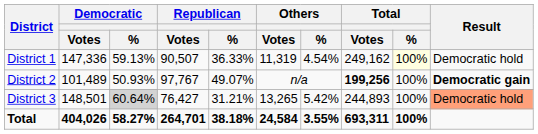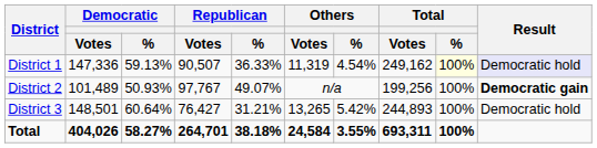 <table class="wikitable plainrowheaders sortable" style="font-size:100%;">
 <tr>
 <th scope=col rowspan=3><a href='#'>District</a></th>
 <th scope=col colspan=2><a href='#'>Democratic</a></th>
 <th scope=col colspan=2><a href='#'>Republican</a></th>
 <th scope=col colspan=2>Others</th>
 <th scope=col colspan=2>Total</th>
 <th scope=col rowspan=3>Result</th>
 </tr>
 <tr>
 <th scope=col colspan=2 style="background:"></th>
 <th scope=col colspan=2 style="background:"></th>
 <th scope=col colspan=2></th>
 <th scope=col colspan=2></th>
 </tr>
 <tr>
 <th scope=col data-sort-type="number">Votes</th>
 <th scope=col data-sort-type="number">%</th>
 <th scope=col data-sort-type="number">Votes</th>
 <th scope=col data-sort-type="number">%</th>
 <th scope=col data-sort-type="number">Votes</th>
 <th scope=col data-sort-type="number">%</th>
 <th scope=col data-sort-type="number">Votes</th>
 <th scope=col data-sort-type="number">%</th>
 </tr>
 <tr>
 <td><a href='#'>District 1</a></td>
 <td>147,336</td>
 <td>59.13%</td>
 <td>90,507</td>
 <td>36.33%</td>
 <td>11,319</td>
 <td>4.54%</td>
 <td>249,162</td>
 <td style="background: lightyellow;">100%</td>
-<td>Democratic hold</td>
+<td style="background: lavender;">Democratic hold</td>
 </tr>
 <tr>
 <td><a href='#'>District 2</a></td>
 <td>101,489</td>
 <td>50.93%</td>
 <td>97,767</td>
 <td>49.07%</td>
 <td align=center colspan=2><em>n/a</em></td>
-<td><strong>199,256</strong></td>
+<td>199,256</td>
 <td>100%</td>
 <td><strong>Democratic gain</strong></td>
 </tr>
 <tr>
 <td><a href='#'>District 3</a></td>
 <td>148,501</td>
-<td style="background: lightgrey;">60.64%</td>
+<td>60.64%</td>
 <td>76,427</td>
 <td>31.21%</td>
 <td>13,265</td>
 <td>5.42%</td>
 <td>244,893</td>
 <td>100%</td>
-<td style="background: lightsalmon;">Democratic hold</td>
+<td>Democratic hold</td>
 </tr>
 <tr class="sortbottom" style="font-weight:bold">
 <td align=left>Total</td>
 <td>404,026</td>
 <td>58.27%</td>
 <td>264,701</td>
 <td>38.18%</td>
 <td>24,584</td>
 <td>3.55%</td>
 <td>693,311</td>
 <td>100%</td>
 <td></td>
 </tr>
 </table>
